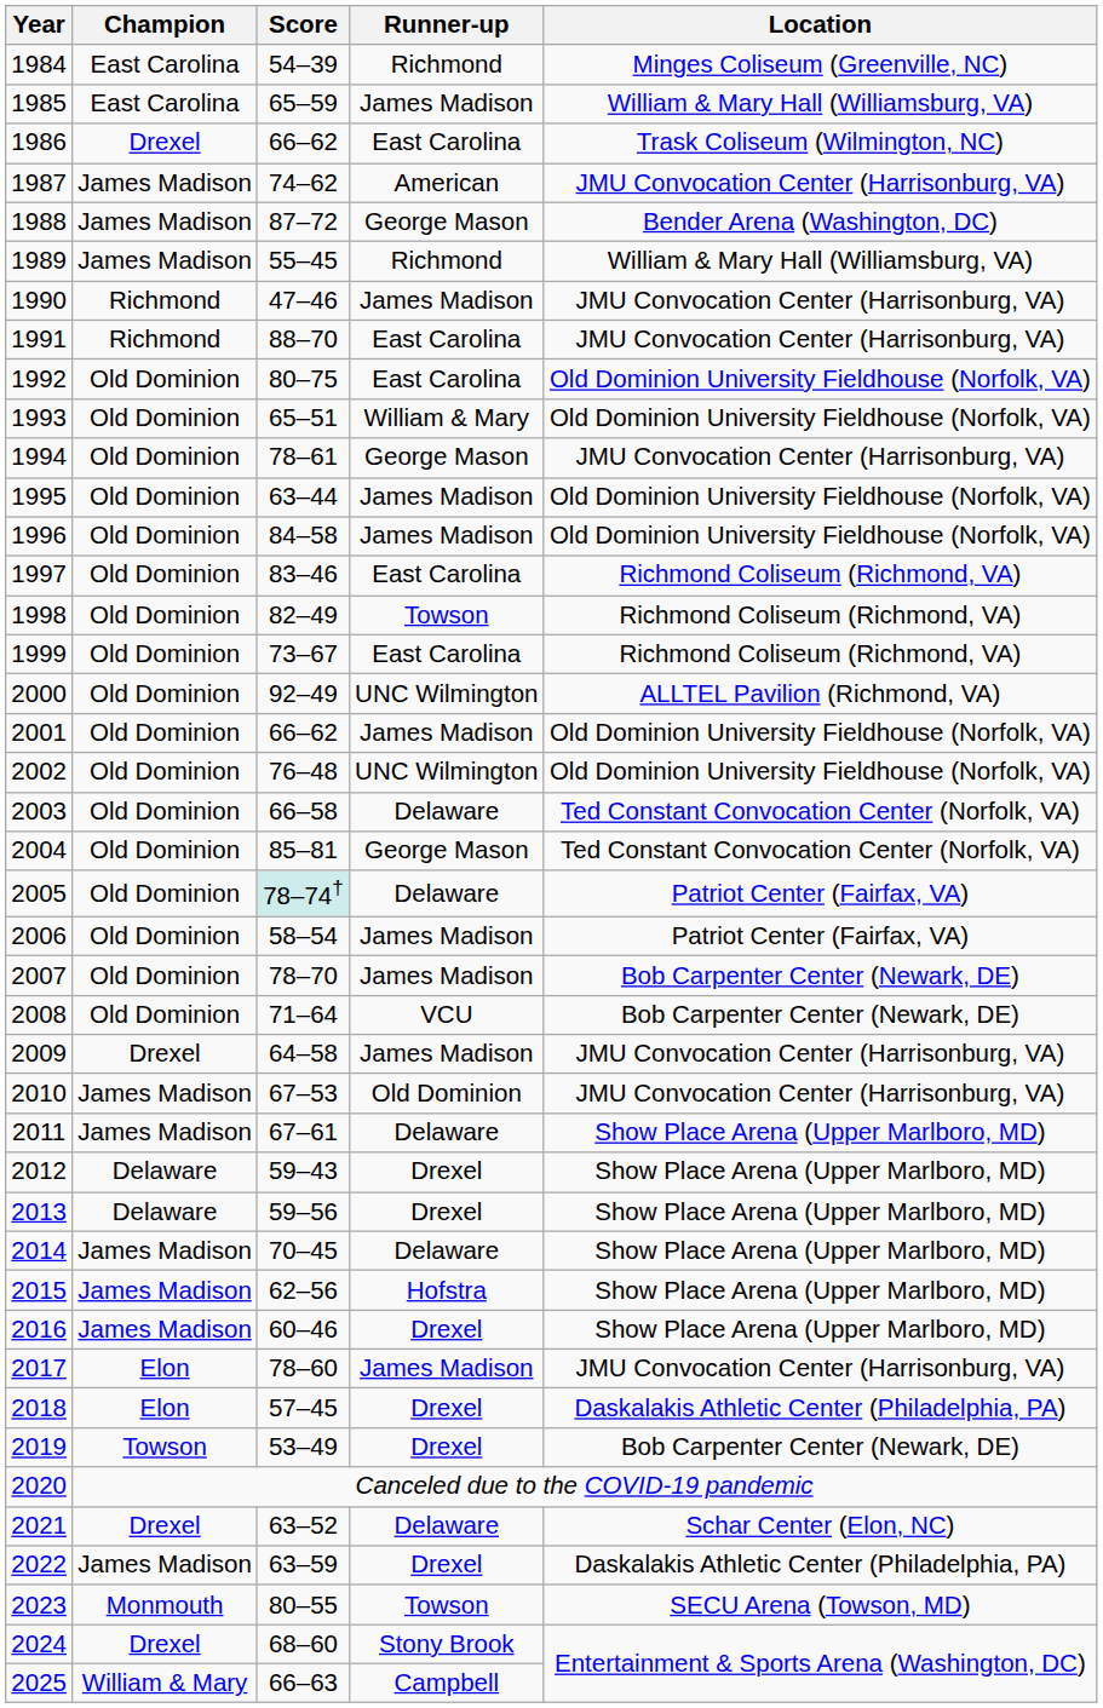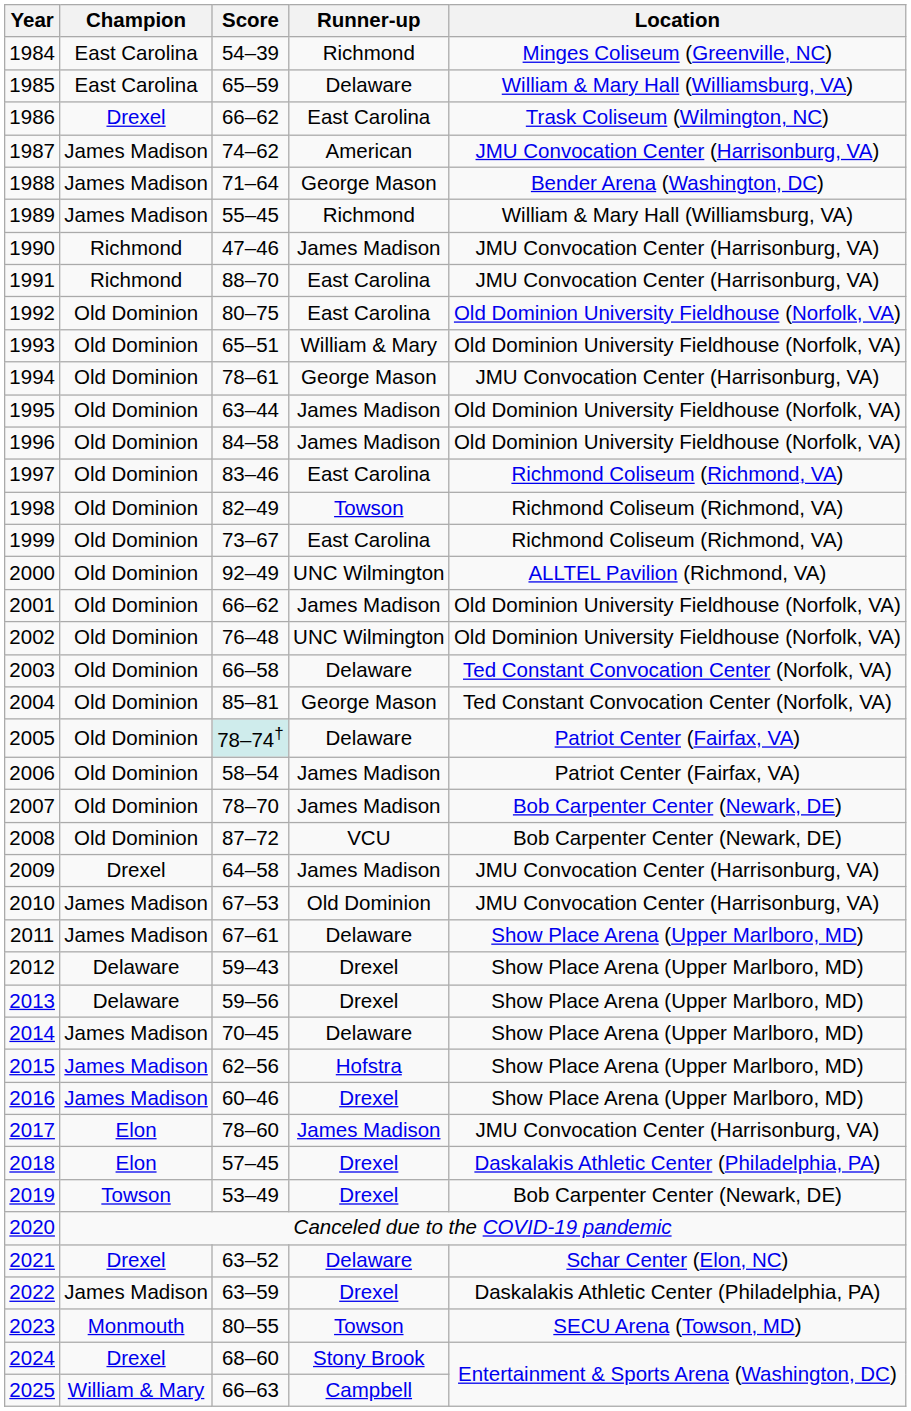 <table class="wikitable sortable" style="text-align:center">
 <tr>
 <th width=px>Year</th>
 <th width=px>Champion</th>
 <th width=px>Score</th>
 <th width=px>Runner-up</th>
 <th width=px>Location</th>
 </tr>
 <tr>
 <td>1984</td>
 <td>East Carolina</td>
 <td>54–39</td>
 <td>Richmond</td>
 <td><a href='#'>Minges Coliseum</a> (<a href='#'>Greenville, NC</a>)</td>
 </tr>
 <tr align=center>
 <td>1985</td>
 <td>East Carolina</td>
 <td>65–59</td>
-<td>James Madison</td>
+<td>Delaware</td>
 <td><a href='#'>William & Mary Hall</a> (<a href='#'>Williamsburg, VA</a>)</td>
 </tr>
 <tr align=center>
 <td>1986</td>
 <td><a href='#'>Drexel</a></td>
 <td>66–62</td>
 <td>East Carolina</td>
 <td><a href='#'>Trask Coliseum</a> (<a href='#'>Wilmington, NC</a>)</td>
 </tr>
 <tr align=center>
 <td>1987</td>
 <td>James Madison</td>
 <td>74–62</td>
 <td>American</td>
 <td><a href='#'>JMU Convocation Center</a> (<a href='#'>Harrisonburg, VA</a>)</td>
 </tr>
 <tr align=center>
 <td>1988</td>
 <td>James Madison</td>
-<td>87–72</td>
+<td>71–64</td>
 <td>George Mason</td>
 <td><a href='#'>Bender Arena</a> (<a href='#'>Washington, DC</a>)</td>
 </tr>
 <tr align=center>
 <td>1989</td>
 <td>James Madison</td>
 <td>55–45</td>
 <td>Richmond</td>
 <td>William & Mary Hall (Williamsburg, VA)</td>
 </tr>
 <tr align=center>
 <td>1990</td>
 <td>Richmond</td>
 <td>47–46</td>
 <td>James Madison</td>
 <td>JMU Convocation Center (Harrisonburg, VA)</td>
 </tr>
 <tr align=center>
 <td>1991</td>
 <td>Richmond</td>
 <td>88–70</td>
 <td>East Carolina</td>
 <td>JMU Convocation Center (Harrisonburg, VA)</td>
 </tr>
 <tr align=center>
 <td>1992</td>
 <td>Old Dominion</td>
 <td>80–75</td>
 <td>East Carolina</td>
 <td><a href='#'>Old Dominion University Fieldhouse</a> (<a href='#'>Norfolk, VA</a>)</td>
 </tr>
 <tr align=center>
 <td>1993</td>
 <td>Old Dominion</td>
 <td>65–51</td>
 <td>William & Mary</td>
 <td>Old Dominion University Fieldhouse (Norfolk, VA)</td>
 </tr>
 <tr align=center>
 <td>1994</td>
 <td>Old Dominion</td>
 <td>78–61</td>
 <td>George Mason</td>
 <td>JMU Convocation Center (Harrisonburg, VA)</td>
 </tr>
 <tr align=center>
 <td>1995</td>
 <td>Old Dominion</td>
 <td>63–44</td>
 <td>James Madison</td>
 <td>Old Dominion University Fieldhouse (Norfolk, VA)</td>
 </tr>
 <tr align=center>
 <td>1996</td>
 <td>Old Dominion</td>
 <td>84–58</td>
 <td>James Madison</td>
 <td>Old Dominion University Fieldhouse (Norfolk, VA)</td>
 </tr>
 <tr align=center>
 <td>1997</td>
 <td>Old Dominion</td>
 <td>83–46</td>
 <td>East Carolina</td>
 <td><a href='#'>Richmond Coliseum</a> (<a href='#'>Richmond, VA</a>)</td>
 </tr>
 <tr align=center>
 <td>1998</td>
 <td>Old Dominion</td>
 <td>82–49</td>
 <td><a href='#'>Towson</a></td>
 <td>Richmond Coliseum (Richmond, VA)</td>
 </tr>
 <tr align=center>
 <td>1999</td>
 <td>Old Dominion</td>
 <td>73–67</td>
 <td>East Carolina</td>
 <td>Richmond Coliseum (Richmond, VA)</td>
 </tr>
 <tr align=center>
 <td>2000</td>
 <td>Old Dominion</td>
 <td>92–49</td>
 <td>UNC Wilmington</td>
 <td><a href='#'>ALLTEL Pavilion</a> (Richmond, VA)</td>
 </tr>
 <tr align=center>
 <td>2001</td>
 <td>Old Dominion</td>
 <td>66–62</td>
 <td>James Madison</td>
 <td>Old Dominion University Fieldhouse (Norfolk, VA)</td>
 </tr>
 <tr align=center>
 <td>2002</td>
 <td>Old Dominion</td>
 <td>76–48</td>
 <td>UNC Wilmington</td>
 <td>Old Dominion University Fieldhouse (Norfolk, VA)</td>
 </tr>
 <tr align=center>
 <td>2003</td>
 <td>Old Dominion</td>
 <td>66–58</td>
 <td>Delaware</td>
 <td><a href='#'>Ted Constant Convocation Center</a> (Norfolk, VA)</td>
 </tr>
 <tr align=center>
 <td>2004</td>
 <td>Old Dominion</td>
 <td>85–81</td>
 <td>George Mason</td>
 <td>Ted Constant Convocation Center (Norfolk, VA)</td>
 </tr>
 <tr align=center>
 <td>2005</td>
 <td>Old Dominion</td>
 <td style="background:#cfecec; text-align:center;">78–74<sup>†</sup></td>
 <td>Delaware</td>
 <td><a href='#'>Patriot Center</a> (<a href='#'>Fairfax, VA</a>)</td>
 </tr>
 <tr align=center>
 <td>2006</td>
 <td>Old Dominion</td>
 <td>58–54</td>
 <td>James Madison</td>
 <td>Patriot Center (Fairfax, VA)</td>
 </tr>
 <tr align=center>
 <td>2007</td>
 <td>Old Dominion</td>
 <td>78–70</td>
 <td>James Madison</td>
 <td><a href='#'>Bob Carpenter Center</a> (<a href='#'>Newark, DE</a>)</td>
 </tr>
 <tr align=center>
 <td>2008</td>
 <td>Old Dominion</td>
-<td>71–64</td>
+<td>87–72</td>
 <td>VCU</td>
 <td>Bob Carpenter Center (Newark, DE)</td>
 </tr>
 <tr align=center>
 <td>2009</td>
 <td>Drexel</td>
 <td>64–58</td>
 <td>James Madison</td>
 <td>JMU Convocation Center (Harrisonburg, VA)</td>
 </tr>
 <tr align=center>
 <td>2010</td>
 <td>James Madison</td>
 <td>67–53</td>
 <td>Old Dominion</td>
 <td>JMU Convocation Center (Harrisonburg, VA)</td>
 </tr>
 <tr align=center>
 <td>2011</td>
 <td>James Madison</td>
 <td>67–61</td>
 <td>Delaware</td>
 <td><a href='#'>Show Place Arena</a> (<a href='#'>Upper Marlboro, MD</a>)</td>
 </tr>
 <tr align=center>
 <td>2012</td>
 <td>Delaware</td>
 <td>59–43</td>
 <td>Drexel</td>
 <td>Show Place Arena (Upper Marlboro, MD)</td>
 </tr>
 <tr align=center>
 <td><a href='#'>2013</a></td>
 <td>Delaware</td>
 <td>59–56</td>
 <td>Drexel</td>
 <td>Show Place Arena (Upper Marlboro, MD)</td>
 </tr>
 <tr align=center>
 <td><a href='#'>2014</a></td>
 <td>James Madison</td>
 <td>70–45</td>
 <td>Delaware</td>
 <td>Show Place Arena (Upper Marlboro, MD)</td>
 </tr>
 <tr align=center>
 <td><a href='#'>2015</a></td>
 <td><a href='#'>James Madison</a></td>
 <td>62–56</td>
 <td><a href='#'>Hofstra</a></td>
 <td>Show Place Arena (Upper Marlboro, MD)</td>
 </tr>
 <tr align=center>
 <td><a href='#'>2016</a></td>
 <td><a href='#'>James Madison</a></td>
 <td>60–46</td>
 <td><a href='#'>Drexel</a></td>
 <td>Show Place Arena (Upper Marlboro, MD)</td>
 </tr>
 <tr align=center>
 <td><a href='#'>2017</a></td>
 <td><a href='#'>Elon</a></td>
 <td>78–60</td>
 <td><a href='#'>James Madison</a></td>
 <td>JMU Convocation Center (Harrisonburg, VA)</td>
 </tr>
 <tr align=center>
 <td><a href='#'>2018</a></td>
 <td><a href='#'>Elon</a></td>
 <td>57–45</td>
 <td><a href='#'>Drexel</a></td>
 <td><a href='#'>Daskalakis Athletic Center</a> (<a href='#'>Philadelphia, PA</a>)</td>
 </tr>
 <tr align=center>
 <td><a href='#'>2019</a></td>
 <td><a href='#'>Towson</a></td>
 <td>53–49</td>
 <td><a href='#'>Drexel</a></td>
 <td>Bob Carpenter Center (Newark, DE)</td>
 </tr>
 <tr align=center>
 <td><a href='#'>2020</a></td>
 <td colspan=4><em>Canceled due to the <a href='#'>COVID-19 pandemic</a></em></td>
 </tr>
 <tr align=center>
 <td><a href='#'>2021</a></td>
 <td><a href='#'>Drexel</a></td>
 <td>63–52</td>
 <td><a href='#'>Delaware</a></td>
 <td><a href='#'>Schar Center</a> (<a href='#'>Elon, NC</a>)</td>
 </tr>
 <tr align=center>
 <td><a href='#'>2022</a></td>
 <td>James Madison</td>
 <td>63–59</td>
 <td><a href='#'>Drexel</a></td>
 <td>Daskalakis Athletic Center (Philadelphia, PA)</td>
 </tr>
 <tr align=center>
 <td><a href='#'>2023</a></td>
 <td><a href='#'>Monmouth</a></td>
 <td>80–55</td>
 <td><a href='#'>Towson</a></td>
 <td><a href='#'>SECU Arena</a> (<a href='#'>Towson, MD</a>)</td>
 </tr>
 <tr align=center>
 <td><a href='#'>2024</a></td>
 <td><a href='#'>Drexel</a></td>
 <td>68–60</td>
 <td><a href='#'>Stony Brook</a></td>
 <td rowspan=2><a href='#'>Entertainment & Sports Arena</a> (<a href='#'>Washington, DC</a>)</td>
 </tr>
 <tr align=center>
 <td><a href='#'>2025</a></td>
 <td><a href='#'>William & Mary</a></td>
 <td>66–63</td>
 <td><a href='#'>Campbell</a></td>
 </tr>
 </table>
